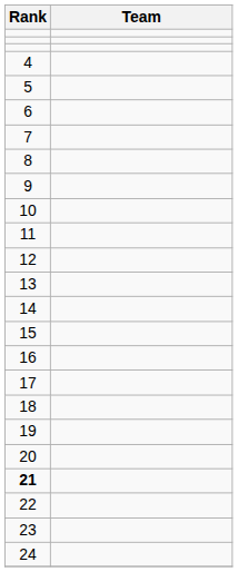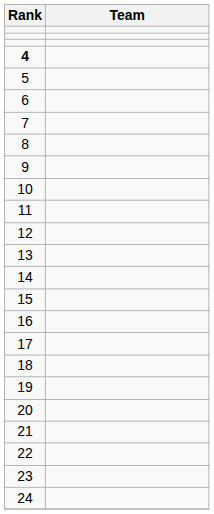 <table class="wikitable">
 <tr>
 <th width=40>Rank</th>
 <th width=180>Team</th>
 </tr>
 <tr>
 <td align=center></td>
 <td></td>
 </tr>
 <tr>
 <td align=center></td>
 <td></td>
 </tr>
 <tr>
 <td align=center></td>
 <td></td>
 </tr>
 <tr>
-<td align=center>4</td>
+<td align=center><strong>4</strong></td>
 <td></td>
 </tr>
 <tr>
 <td align=center>5</td>
 <td></td>
 </tr>
 <tr>
 <td align=center>6</td>
 <td></td>
 </tr>
 <tr>
 <td align=center>7</td>
 <td></td>
 </tr>
 <tr>
 <td align=center>8</td>
 <td></td>
 </tr>
 <tr>
 <td align=center>9</td>
 <td></td>
 </tr>
 <tr>
 <td align=center>10</td>
 <td></td>
 </tr>
 <tr>
 <td align=center>11</td>
 <td></td>
 </tr>
 <tr>
 <td align=center>12</td>
 <td></td>
 </tr>
 <tr>
 <td align=center>13</td>
 <td></td>
 </tr>
 <tr>
 <td align=center>14</td>
 <td></td>
 </tr>
 <tr>
 <td align=center>15</td>
 <td></td>
 </tr>
 <tr>
 <td align=center>16</td>
 <td></td>
 </tr>
 <tr>
 <td align=center>17</td>
 <td></td>
 </tr>
 <tr>
 <td align=center>18</td>
 <td></td>
 </tr>
 <tr>
 <td align=center>19</td>
 <td></td>
 </tr>
 <tr>
 <td align=center>20</td>
 <td></td>
 </tr>
 <tr>
-<td align=center><strong>21</strong></td>
+<td align=center>21</td>
 <td></td>
 </tr>
 <tr>
 <td align=center>22</td>
 <td></td>
 </tr>
 <tr>
 <td align=center>23</td>
 <td></td>
 </tr>
 <tr>
 <td align=center>24</td>
 <td></td>
 </tr>
 <tr>
 </tr>
 </table>
